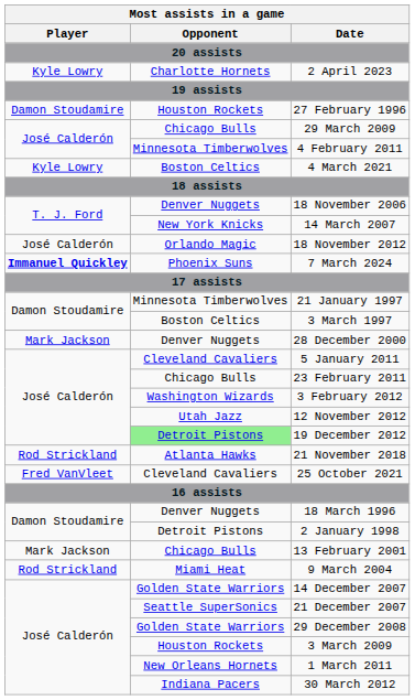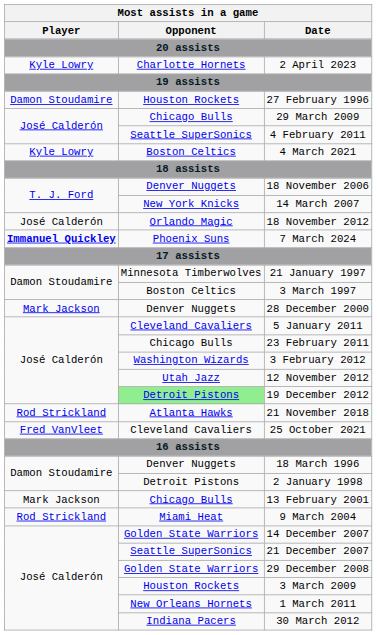 <table class="wikitable" style="text-align:center">
 <tr>
 <th colspan="3">Most assists in a game</th>
 </tr>
 <tr>
 <th>Player</th>
 <th>Opponent</th>
 <th>Date</th>
 </tr>
 <tr>
 <th colspan="4" style="text-align:center; background:#A1A1A4; color:#061922;">20 assists</th>
 </tr>
 <tr>
 <td><a href='#'>Kyle Lowry</a></td>
 <td><a href='#'>Charlotte Hornets</a></td>
 <td>2 April 2023</td>
 </tr>
 <tr>
 <th colspan="4" style="text-align:center; background:#A1A1A4; color:#061922;">19 assists</th>
 </tr>
 <tr>
 <td><a href='#'>Damon Stoudamire</a></td>
 <td><a href='#'>Houston Rockets</a></td>
 <td>27 February 1996</td>
 </tr>
 <tr>
 <td rowspan=2><a href='#'>José Calderón</a></td>
 <td><a href='#'>Chicago Bulls</a></td>
 <td>29 March 2009</td>
 </tr>
 <tr>
-<td><a href='#'>Minnesota Timberwolves</a></td>
+<td><a href='#'>Seattle SuperSonics</a></td>
 <td>4 February 2011</td>
 </tr>
 <tr>
 <td><a href='#'>Kyle Lowry</a></td>
 <td><a href='#'>Boston Celtics</a></td>
 <td>4 March 2021</td>
 </tr>
 <tr>
 <th colspan="4" style="text-align:center; background:#A1A1A4; color:#061922;">18 assists</th>
 </tr>
 <tr>
 <td rowspan=2><a href='#'>T. J. Ford</a></td>
 <td><a href='#'>Denver Nuggets</a></td>
 <td>18 November 2006</td>
 </tr>
 <tr>
 <td><a href='#'>New York Knicks</a></td>
 <td>14 March 2007</td>
 </tr>
 <tr>
 <td>José Calderón</td>
 <td><a href='#'>Orlando Magic</a></td>
 <td>18 November 2012</td>
 </tr>
 <tr>
 <td><strong><a href='#'>Immanuel Quickley</a></strong></td>
 <td><a href='#'>Phoenix Suns</a></td>
 <td>7 March 2024</td>
 </tr>
 <tr>
 <th colspan="4" style="text-align:center; background:#A1A1A4; color:#061922;">17 assists</th>
 </tr>
 <tr>
 <td rowspan=2>Damon Stoudamire</td>
 <td>Minnesota Timberwolves</td>
 <td>21 January 1997</td>
 </tr>
 <tr>
 <td>Boston Celtics</td>
 <td>3 March 1997</td>
 </tr>
 <tr>
 <td><a href='#'>Mark Jackson</a></td>
 <td>Denver Nuggets</td>
 <td>28 December 2000</td>
 </tr>
 <tr>
 <td rowspan=5>José Calderón</td>
 <td><a href='#'>Cleveland Cavaliers</a></td>
 <td>5 January 2011</td>
 </tr>
 <tr>
 <td>Chicago Bulls</td>
 <td>23 February 2011</td>
 </tr>
 <tr>
 <td><a href='#'>Washington Wizards</a></td>
 <td>3 February 2012</td>
 </tr>
 <tr>
 <td><a href='#'>Utah Jazz</a></td>
 <td>12 November 2012</td>
 </tr>
 <tr>
 <td style="background: lightgreen;"><a href='#'>Detroit Pistons</a></td>
 <td>19 December 2012</td>
 </tr>
 <tr>
 <td><a href='#'>Rod Strickland</a></td>
 <td><a href='#'>Atlanta Hawks</a></td>
 <td>21 November 2018</td>
 </tr>
 <tr>
 <td><a href='#'>Fred VanVleet</a></td>
 <td>Cleveland Cavaliers</td>
 <td>25 October 2021</td>
 </tr>
 <tr>
 <th colspan="4" style="text-align:center; background:#A1A1A4; color:#061922;">16 assists</th>
 </tr>
 <tr>
 <td rowspan=2>Damon Stoudamire</td>
 <td>Denver Nuggets</td>
 <td>18 March 1996</td>
 </tr>
 <tr>
 <td>Detroit Pistons</td>
 <td>2 January 1998</td>
 </tr>
 <tr>
 <td>Mark Jackson</td>
 <td><a href='#'>Chicago Bulls</a></td>
 <td>13 February 2001</td>
 </tr>
 <tr>
 <td><a href='#'>Rod Strickland</a></td>
 <td><a href='#'>Miami Heat</a></td>
 <td>9 March 2004</td>
 </tr>
 <tr>
 <td rowspan=6>José Calderón</td>
 <td><a href='#'>Golden State Warriors</a></td>
 <td>14 December 2007</td>
 </tr>
 <tr>
 <td><a href='#'>Seattle SuperSonics</a></td>
 <td>21 December 2007</td>
 </tr>
 <tr>
 <td><a href='#'>Golden State Warriors</a></td>
 <td>29 December 2008</td>
 </tr>
 <tr>
 <td><a href='#'>Houston Rockets</a></td>
 <td>3 March 2009</td>
 </tr>
 <tr>
 <td><a href='#'>New Orleans Hornets</a></td>
 <td>1 March 2011</td>
 </tr>
 <tr>
 <td><a href='#'>Indiana Pacers</a></td>
 <td>30 March 2012</td>
 </tr>
 </table>
